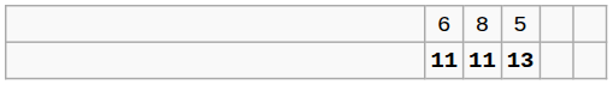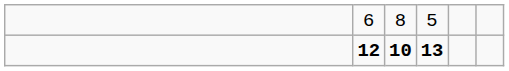 <table class="wikitable">
 <tr>
 <td style="width:18em"></td>
 <td align=center style="width:1em">6</td>
 <td align=center style="width:1em">8</td>
 <td align=center style="width:1em">5</td>
 <td align=center style="width:1em"></td>
 <td align=center style="width:1em"></td>
 </tr>
 <tr>
 <td style="width:18em"><strong></strong></td>
-<td align=center style="width:1em"><strong>11</strong></td>
-<td align=center style="width:1em"><strong>11</strong></td>
+<td align=center style="width:1em"><strong>12</strong></td>
+<td align=center style="width:1em"><strong>10</strong></td>
 <td align=center style="width:1em"><strong>13</strong></td>
 <td align=center style="width:1em"></td>
 <td align=center style="width:1em"></td>
 </tr>
 </table>
